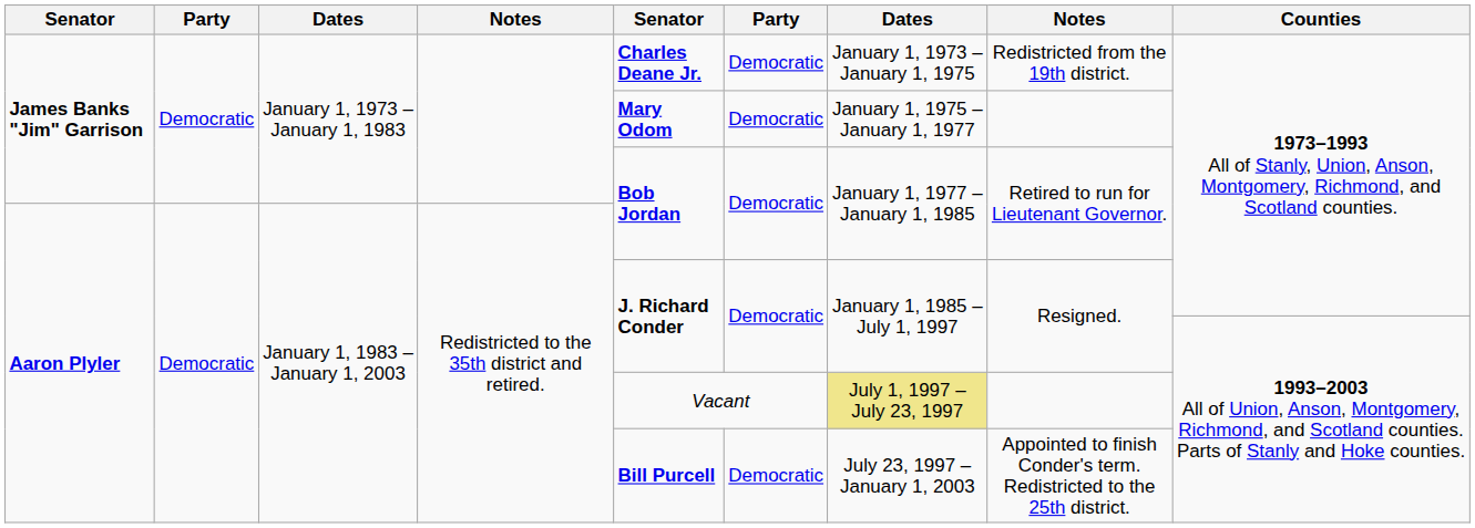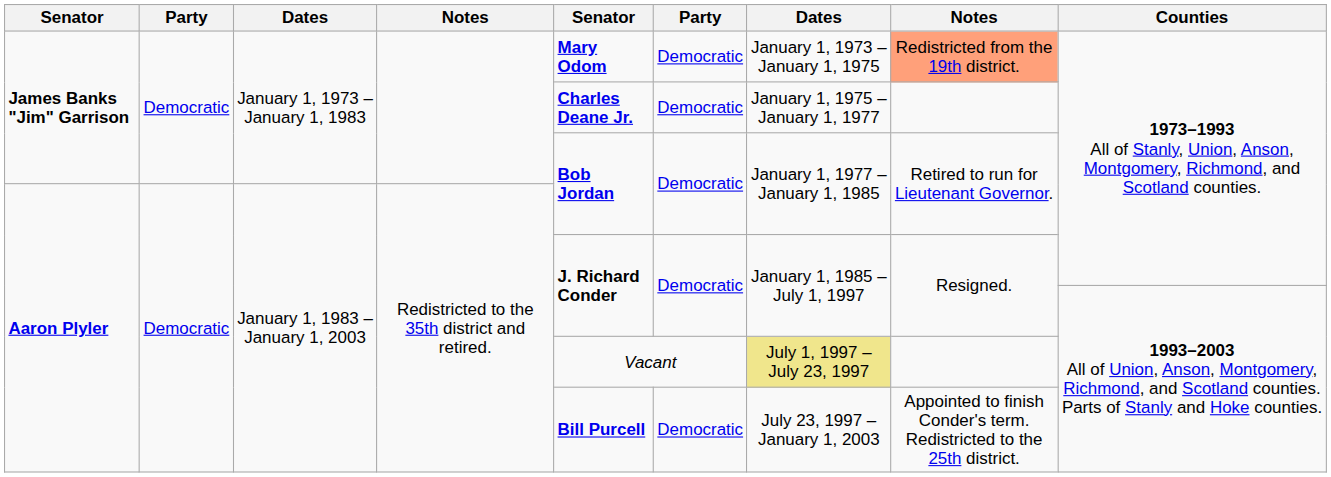 <table class=wikitable style="text-align:center">
 <tr>
 <th>Senator</th>
 <th>Party</th>
 <th>Dates</th>
 <th>Notes</th>
 <th>Senator</th>
 <th>Party</th>
 <th>Dates</th>
 <th>Notes</th>
 <th>Counties</th>
 </tr>
 <tr style="height:3em">
 <td rowspan=3 align=left><strong>James Banks "Jim" Garrison</strong></td>
 <td rowspan=3 ><a href='#'>Democratic</a></td>
 <td rowspan=3 nowrap>January 1, 1973 – <br> January 1, 1983</td>
 <td rowspan=3></td>
-<td align=left><strong><a href='#'>Charles Deane Jr.</a></strong></td>
+<td align=left><strong><a href='#'>Mary Odom</a></strong></td>
 <td><a href='#'>Democratic</a></td>
 <td nowrap>January 1, 1973 – <br> January 1, 1975</td>
-<td>Redistricted from the <a href='#'>19th</a> district.</td>
+<td style="background: lightsalmon;">Redistricted from the <a href='#'>19th</a> district.</td>
 <td rowspan=5><strong>1973–1993</strong><br> All of <a href='#'>Stanly</a>, <a href='#'>Union</a>, <a href='#'>Anson</a>, <a href='#'>Montgomery</a>, <a href='#'>Richmond</a>, and <a href='#'>Scotland</a> counties.</td>
 </tr>
 <tr style="height:3em">
-<td align=left><strong><a href='#'>Mary Odom</a></strong></td>
+<td align=left><strong><a href='#'>Charles Deane Jr.</a></strong></td>
 <td><a href='#'>Democratic</a></td>
 <td nowrap>January 1, 1975 – <br> January 1, 1977</td>
 <td></td>
 </tr>
 <tr style="height:3em">
 <td rowspan=2 align=left><strong><a href='#'>Bob Jordan</a></strong></td>
 <td rowspan=2 ><a href='#'>Democratic</a></td>
 <td rowspan=2 nowrap>January 1, 1977 – <br> January 1, 1985</td>
 <td rowspan=2>Retired to run for <a href='#'>Lieutenant Governor</a>.</td>
 </tr>
 <tr style="height:3em">
 <td rowspan=5 align=left><strong><a href='#'>Aaron Plyler</a></strong></td>
 <td rowspan=5 ><a href='#'>Democratic</a></td>
 <td rowspan=5 nowrap>January 1, 1983 – <br> January 1, 2003</td>
 <td rowspan=5>Redistricted to the <a href='#'>35th</a> district and retired.</td>
 </tr>
 <tr style="height:3em">
 <td rowspan=2 align=left><strong>J. Richard Conder</strong></td>
 <td rowspan=2 ><a href='#'>Democratic</a></td>
 <td rowspan=2 nowrap>January 1, 1985 – <br> July 1, 1997</td>
 <td rowspan=2>Resigned.</td>
 </tr>
 <tr style="height:3em">
 <td rowspan=3><strong>1993–2003</strong><br> All of <a href='#'>Union</a>, <a href='#'>Anson</a>, <a href='#'>Montgomery</a>, <a href='#'>Richmond</a>, and <a href='#'>Scotland</a> counties. <br> Parts of <a href='#'>Stanly</a> and <a href='#'>Hoke</a> counties.</td>
 </tr>
 <tr style="height:3em">
 <td colspan=2><em>Vacant</em></td>
 <td nowrap style="background: khaki;">July 1, 1997 – <br> July 23, 1997</td>
 <td></td>
 </tr>
 <tr style="height:3em">
 <td align=left><strong><a href='#'>Bill Purcell</a></strong></td>
 <td><a href='#'>Democratic</a></td>
 <td nowrap>July 23, 1997 – <br> January 1, 2003</td>
 <td>Appointed to finish Conder's term. <br> Redistricted to the <a href='#'>25th</a> district.</td>
 </tr>
 </table>
